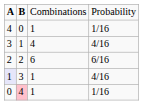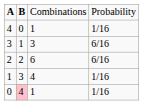 <table class=wikitable>
 <tr>
 <td><strong>A</strong></td>
 <td><strong>B</strong></td>
 <td>Combinations</td>
 <td>Probability</td>
 </tr>
 <tr>
 <td>4</td>
 <td>0</td>
 <td>1</td>
 <td>1/16</td>
 </tr>
 <tr>
 <td>3</td>
 <td>1</td>
-<td>4</td>
-<td>4/16</td>
+<td>3</td>
+<td>6/16</td>
 </tr>
 <tr>
 <td>2</td>
 <td>2</td>
 <td>6</td>
 <td>6/16</td>
 </tr>
 <tr>
-<td style="background: lavender;">1</td>
+<td>1</td>
 <td>3</td>
-<td>1</td>
-<td>4/16</td>
+<td>4</td>
+<td>1/16</td>
 </tr>
 <tr>
 <td>0</td>
 <td style="background: pink;">4</td>
 <td>1</td>
 <td>1/16</td>
 </tr>
 </table>
